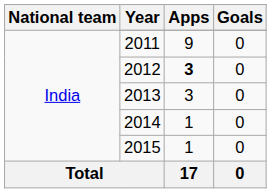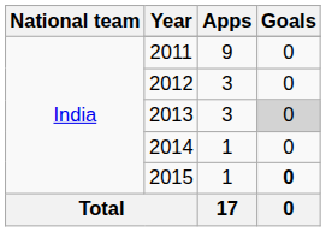 <table class="wikitable" style="text-align:center">
 <tr>
 <th>National team</th>
 <th>Year</th>
 <th>Apps</th>
 <th>Goals</th>
 </tr>
 <tr>
 <td rowspan="6"><a href='#'>India</a></td>
 </tr>
 <tr>
 <td>2011</td>
 <td>9</td>
 <td>0</td>
 </tr>
 <tr>
 <td>2012</td>
-<td><strong>3</strong></td>
+<td>3</td>
 <td>0</td>
 </tr>
 <tr>
 <td>2013</td>
 <td>3</td>
-<td>0</td>
+<td style="background: lightgrey;">0</td>
 </tr>
 <tr>
 <td>2014</td>
 <td>1</td>
 <td>0</td>
 </tr>
 <tr>
 <td>2015</td>
 <td>1</td>
-<td>0</td>
+<td><strong>0</strong></td>
 </tr>
 <tr>
 <th colspan="2">Total</th>
 <th>17</th>
 <th>0</th>
 </tr>
 </table>
